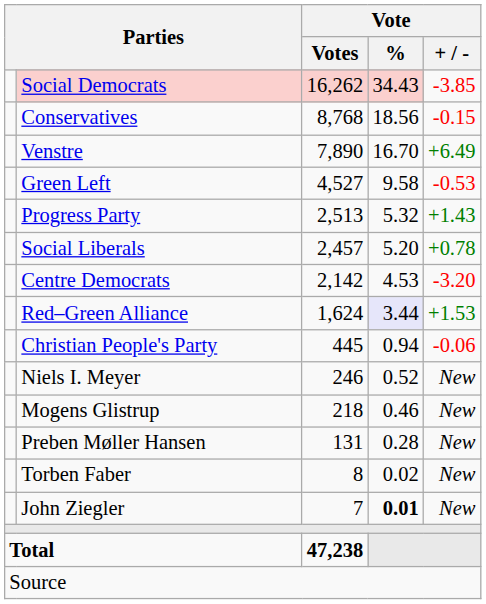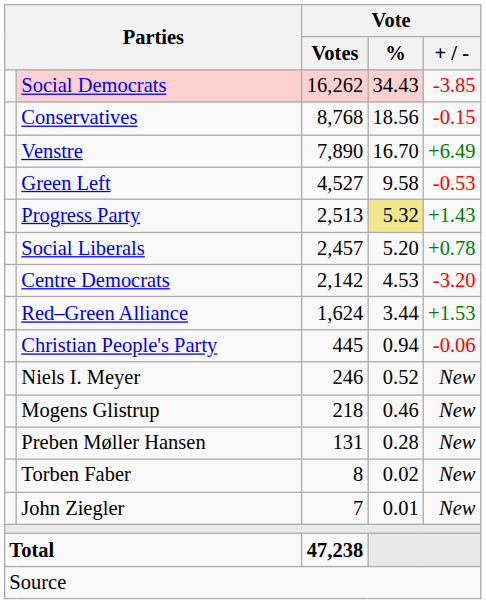 <table class="wikitable" style="text-align:right;">
 <tr>
 <th style="text-align:centre;" rowspan="2" colspan="2" width="225">Parties</th>
 <th colspan="3">Vote</th>
 </tr>
 <tr>
 <th width="15">Votes</th>
 <th width="15">%</th>
 <th width="15">+ / -</th>
 </tr>
 <tr>
 <td width="2" style="color:inherit;background:"></td>
 <td bgcolor=#fbd0ce  align="left"><a href='#'>Social Democrats</a></td>
 <td bgcolor=#fbd0ce>16,262</td>
 <td bgcolor=#fbd0ce>34.43</td>
 <td style=color:red;>-3.85</td>
 </tr>
 <tr>
 <td width="2" style="color:inherit;background:"></td>
 <td align="left"><a href='#'>Conservatives</a></td>
 <td>8,768</td>
 <td>18.56</td>
 <td style=color:red;>-0.15</td>
 </tr>
 <tr>
 <td width="2" style="color:inherit;background:"></td>
 <td align="left"><a href='#'>Venstre</a></td>
 <td>7,890</td>
 <td>16.70</td>
 <td style=color:green;>+6.49</td>
 </tr>
 <tr>
 <td width="2" style="color:inherit;background:"></td>
 <td align="left"><a href='#'>Green Left</a></td>
 <td>4,527</td>
 <td>9.58</td>
 <td style=color:red;>-0.53</td>
 </tr>
 <tr>
 <td width="2" style="color:inherit;background:"></td>
 <td align="left"><a href='#'>Progress Party</a></td>
 <td>2,513</td>
-<td>5.32</td>
+<td style="background: khaki;">5.32</td>
 <td style=color:green;>+1.43</td>
 </tr>
 <tr>
 <td width="2" style="color:inherit;background:"></td>
 <td align="left"><a href='#'>Social Liberals</a></td>
 <td>2,457</td>
 <td>5.20</td>
 <td style=color:green;>+0.78</td>
 </tr>
 <tr>
 <td width="2" style="color:inherit;background:"></td>
 <td align="left"><a href='#'>Centre Democrats</a></td>
 <td>2,142</td>
 <td>4.53</td>
 <td style=color:red;>-3.20</td>
 </tr>
 <tr>
 <td width="2" style="color:inherit;background:"></td>
 <td align="left"><a href='#'>Red–Green Alliance</a></td>
 <td>1,624</td>
-<td style="background: lavender;">3.44</td>
+<td>3.44</td>
 <td style=color:green;>+1.53</td>
 </tr>
 <tr>
 <td width="2" style="color:inherit;background:"></td>
 <td align="left"><a href='#'>Christian People's Party</a></td>
 <td>445</td>
 <td>0.94</td>
 <td style=color:red;>-0.06</td>
 </tr>
 <tr>
 <td width="2" style="color:inherit;background:"></td>
 <td align="left">Niels I. Meyer</td>
 <td>246</td>
 <td>0.52</td>
 <td><em>New</em></td>
 </tr>
 <tr>
 <td width="2" style="color:inherit;background:"></td>
 <td align="left">Mogens Glistrup</td>
 <td>218</td>
 <td>0.46</td>
 <td><em>New</em></td>
 </tr>
 <tr>
 <td width="2" style="color:inherit;background:"></td>
 <td align="left">Preben Møller Hansen</td>
 <td>131</td>
 <td>0.28</td>
 <td><em>New</em></td>
 </tr>
 <tr>
 <td width="2" style="color:inherit;background:"></td>
 <td align="left">Torben Faber</td>
 <td>8</td>
 <td>0.02</td>
 <td><em>New</em></td>
 </tr>
 <tr>
 <td width="2" style="color:inherit;background:"></td>
 <td align="left">John Ziegler</td>
 <td>7</td>
-<td><strong>0.01</strong></td>
+<td>0.01</td>
 <td><em>New</em></td>
 </tr>
 <tr>
 <td colspan="7" bgcolor="#E9E9E9"></td>
 </tr>
 <tr>
 <td align="left" colspan="2"><strong>Total</strong></td>
 <td><strong>47,238</strong></td>
 <td bgcolor="#E9E9E9" colspan="2"></td>
 </tr>
 <tr>
 <td align="left" colspan="6">Source</td>
 </tr>
 </table>
